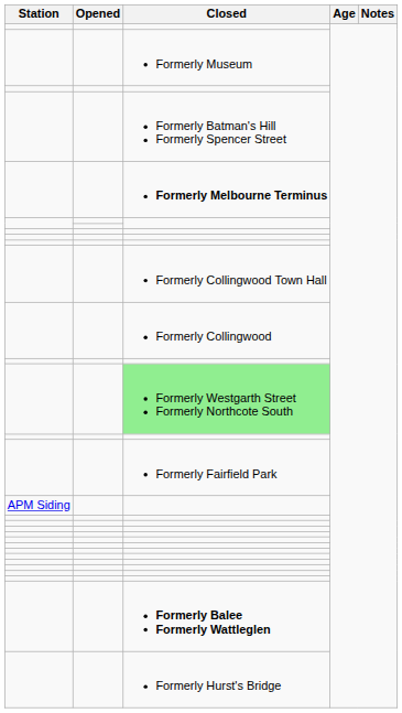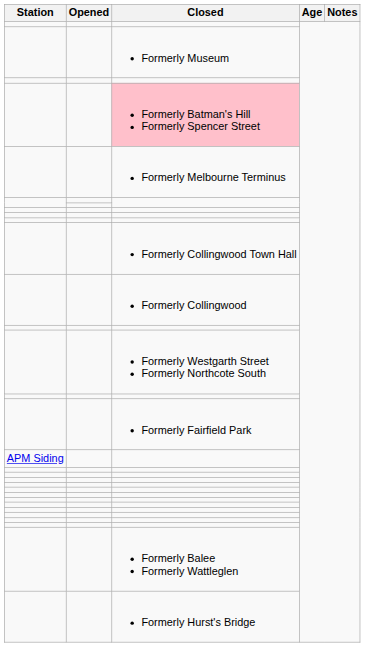 <table class="wikitable sortable mw-collapsible mw-collapsed">
 <tr>
 <th>Station</th>
 <th>Opened</th>
 <th>Closed</th>
 <th>Age</th>
 <th scope=col class=unsortable>Notes</th>
 </tr>
 <tr>
 <td></td>
 <td></td>
 <td></td>
 </tr>
 <tr>
 <td></td>
 <td></td>
 <td><br><ul><li>Formerly Museum</li></ul></td>
 </tr>
 <tr>
 <td></td>
 <td></td>
 <td></td>
 </tr>
 <tr>
 <td></td>
 <td></td>
-<td><br><ul><li>Formerly Batman's Hill</li><li>Formerly Spencer Street</li></ul></td>
+<td style="background: pink;"><br><ul><li>Formerly Batman's Hill</li><li>Formerly Spencer Street</li></ul></td>
 </tr>
 <tr>
 <td></td>
 <td></td>
-<td><strong><br><ul><li>Formerly Melbourne Terminus</li></ul></strong></td>
+<td><br><ul><li>Formerly Melbourne Terminus</li></ul></td>
 </tr>
 <tr>
 <td rowspan="2"></td>
 <td></td>
 <td rowspan="2"></td>
 </tr>
 <tr>
 <td></td>
 </tr>
 <tr>
 <td></td>
 <td></td>
 <td></td>
 </tr>
 <tr>
 <td></td>
 <td></td>
 <td></td>
 </tr>
 <tr>
 <td></td>
 <td></td>
 <td></td>
 </tr>
 <tr>
 <td></td>
 <td></td>
 <td><br><ul><li>Formerly Collingwood Town Hall</li></ul></td>
 </tr>
 <tr>
 <td></td>
 <td></td>
 <td><br><ul><li>Formerly Collingwood</li></ul></td>
 </tr>
 <tr>
 <td></td>
 <td></td>
 <td></td>
 </tr>
 <tr>
 <td></td>
 <td></td>
-<td style="background: lightgreen;"><br><ul><li>Formerly Westgarth Street</li><li>Formerly Northcote South</li></ul></td>
+<td><br><ul><li>Formerly Westgarth Street</li><li>Formerly Northcote South</li></ul></td>
 </tr>
 <tr>
 <td></td>
 <td></td>
 <td></td>
 </tr>
 <tr>
 <td></td>
 <td></td>
 <td><br><ul><li>Formerly Fairfield Park</li></ul></td>
 </tr>
 <tr>
 <td><a href='#'>APM Siding</a></td>
 <td></td>
 <td></td>
 </tr>
 <tr>
 <td></td>
 <td></td>
 <td></td>
 </tr>
 <tr>
 <td></td>
 <td></td>
 <td></td>
 </tr>
 <tr>
 <td></td>
 <td></td>
 <td></td>
 </tr>
 <tr>
 <td></td>
 <td></td>
 <td></td>
 </tr>
 <tr>
 <td></td>
 <td></td>
 <td></td>
 </tr>
 <tr>
 <td></td>
 <td></td>
 <td></td>
 </tr>
 <tr>
 <td></td>
 <td></td>
 <td></td>
 </tr>
 <tr>
 <td></td>
 <td></td>
 <td></td>
 </tr>
 <tr>
 <td></td>
 <td></td>
 <td></td>
 </tr>
 <tr>
 <td></td>
 <td></td>
 <td></td>
 </tr>
 <tr>
 <td></td>
 <td></td>
 <td></td>
 </tr>
 <tr>
 <td></td>
 <td></td>
 <td></td>
 </tr>
 <tr>
 <td></td>
 <td></td>
-<td><strong><br><ul><li>Formerly Balee</li><li>Formerly Wattleglen</li></ul></strong></td>
+<td><br><ul><li>Formerly Balee</li><li>Formerly Wattleglen</li></ul></td>
 </tr>
 <tr>
 <td></td>
 <td></td>
 <td><br><ul><li>Formerly Hurst's Bridge</li></ul></td>
 </tr>
 </table>
